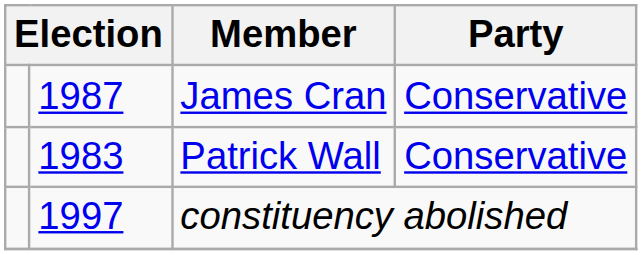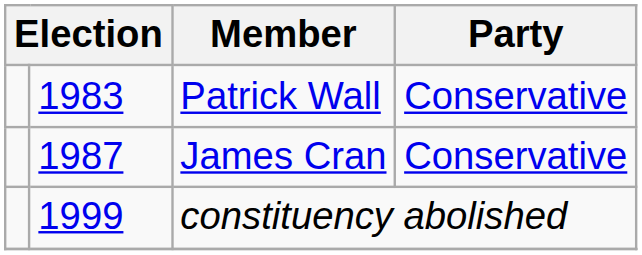 <table class="wikitable">
 <tr>
 <th colspan="2">Election</th>
 <th>Member</th>
 <th>Party</th>
 </tr>
 <tr>
 <td style="color:inherit;background-color: "></td>
+<td><a href='#'>1983</a></td>
+<td><a href='#'>Patrick Wall</a></td>
+<td><a href='#'>Conservative</a></td>
+</tr>
+<tr>
+<td style="color:inherit;background-color: "></td>
 <td><a href='#'>1987</a></td>
 <td><a href='#'>James Cran</a></td>
 <td><a href='#'>Conservative</a></td>
 </tr>
 <tr>
-<td style="color:inherit;background-color: "></td>
-<td><a href='#'>1983</a></td>
-<td><a href='#'>Patrick Wall</a></td>
-<td><a href='#'>Conservative</a></td>
-</tr>
-<tr>
 <td></td>
-<td><a href='#'>1997</a></td>
+<td><a href='#'>1999</a></td>
 <td colspan="2"><em>constituency abolished</em></td>
 </tr>
 <tr>
 </tr>
 </table>
